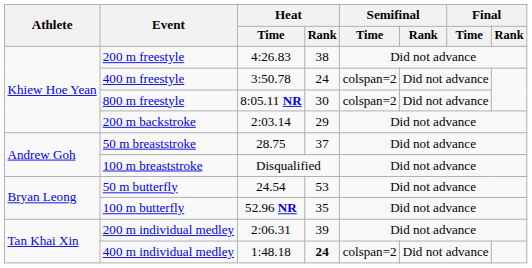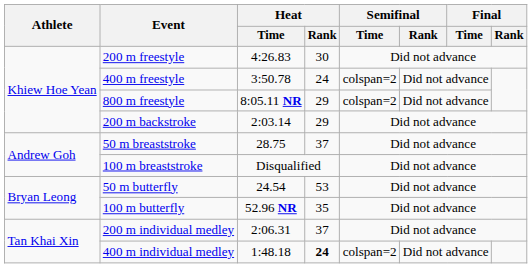 <table class="wikitable" style="text-align:center; font-size:90%">
 <tr>
 <th rowspan="2">Athlete</th>
 <th rowspan="2">Event</th>
 <th colspan="2">Heat</th>
 <th colspan="2">Semifinal</th>
 <th colspan="2">Final</th>
 </tr>
 <tr style="font-size:95%">
 <th>Time</th>
 <th>Rank</th>
 <th>Time</th>
 <th>Rank</th>
 <th>Time</th>
 <th>Rank</th>
 </tr>
 <tr>
 <td align=left rowspan=4><a href='#'>Khiew Hoe Yean</a></td>
 <td align=left><a href='#'>200 m freestyle</a></td>
 <td>4:26.83</td>
-<td>38</td>
+<td>30</td>
 <td colspan=4>Did not advance</td>
 </tr>
 <tr>
 <td align=left><a href='#'>400 m freestyle</a></td>
 <td>3:50.78</td>
 <td>24</td>
 <td>colspan=2 </td>
 <td colspan=2>Did not advance</td>
 </tr>
 <tr>
 <td align=left><a href='#'>800 m freestyle</a></td>
 <td>8:05.11 <strong><a href='#'>NR</a></strong></td>
-<td>30</td>
+<td>29</td>
 <td>colspan=2 </td>
 <td colspan=2>Did not advance</td>
 </tr>
 <tr>
 <td align=left><a href='#'>200 m backstroke</a></td>
 <td>2:03.14</td>
 <td>29</td>
 <td colspan=4>Did not advance</td>
 </tr>
 <tr>
 <td align=left rowspan=2><a href='#'>Andrew Goh</a></td>
 <td align=left><a href='#'>50 m breaststroke</a></td>
 <td>28.75</td>
 <td>37</td>
 <td colspan=4>Did not advance</td>
 </tr>
 <tr>
 <td align=left><a href='#'>100 m breaststroke</a></td>
 <td colspan=2>Disqualified</td>
 <td colspan=4>Did not advance</td>
 </tr>
 <tr>
 <td align=left rowspan=2><a href='#'>Bryan Leong</a></td>
 <td align=left><a href='#'>50 m butterfly</a></td>
 <td>24.54</td>
 <td>53</td>
 <td colspan=4>Did not advance</td>
 </tr>
 <tr>
 <td align=left><a href='#'>100 m butterfly</a></td>
 <td>52.96 <strong><a href='#'>NR</a></strong></td>
 <td>35</td>
 <td colspan=4>Did not advance</td>
 </tr>
 <tr>
 <td align=left rowspan=2><a href='#'>Tan Khai Xin</a></td>
 <td align=left><a href='#'>200 m individual medley</a></td>
 <td>2:06.31</td>
-<td>39</td>
+<td>37</td>
 <td colspan=4>Did not advance</td>
 </tr>
 <tr>
 <td align=left><a href='#'>400 m individual medley</a></td>
 <td>1:48.18</td>
 <td><strong>24</strong></td>
 <td>colspan=2 </td>
 <td colspan=2>Did not advance</td>
 </tr>
 </table>
